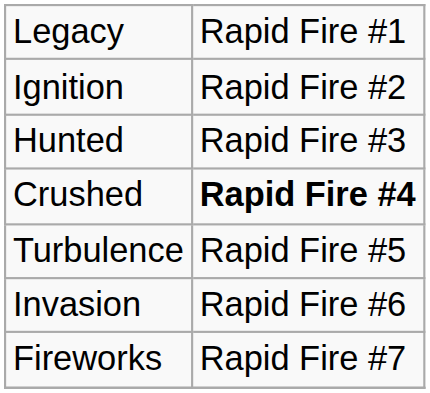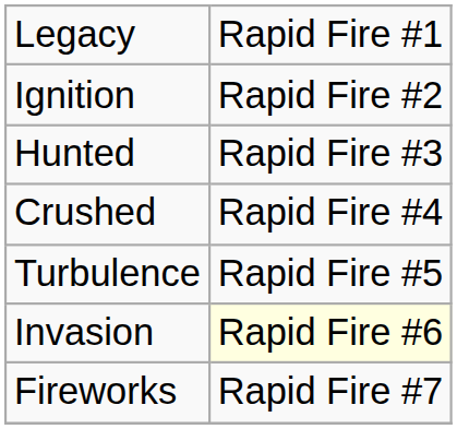 <table class=wikitable>
 <tr>
 <td>Legacy</td>
 <td>Rapid Fire #1</td>
 </tr>
 <tr>
 <td>Ignition</td>
 <td>Rapid Fire #2</td>
 </tr>
 <tr>
 <td>Hunted</td>
 <td>Rapid Fire #3</td>
 </tr>
 <tr>
 <td>Crushed</td>
-<td><strong>Rapid Fire #4</strong></td>
+<td>Rapid Fire #4</td>
 </tr>
 <tr>
 <td>Turbulence</td>
 <td>Rapid Fire #5</td>
 </tr>
 <tr>
 <td>Invasion</td>
-<td>Rapid Fire #6</td>
+<td style="background: lightyellow;">Rapid Fire #6</td>
 </tr>
 <tr>
 <td>Fireworks</td>
 <td>Rapid Fire #7</td>
 </tr>
 <tr>
 </tr>
 </table>
